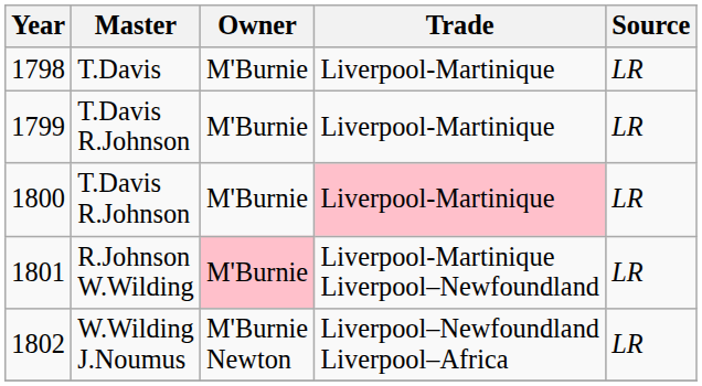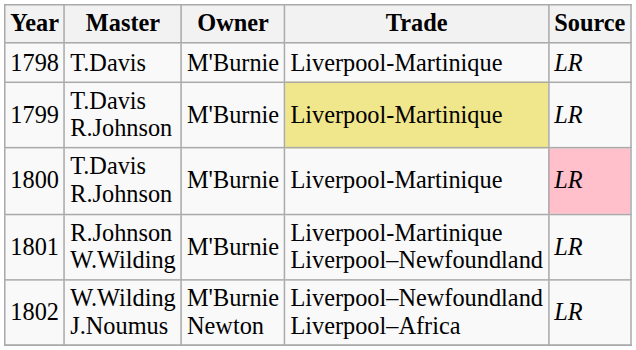 <table class=" wikitable">
 <tr>
 <th>Year</th>
 <th>Master</th>
 <th>Owner</th>
 <th>Trade</th>
 <th>Source</th>
 </tr>
 <tr>
 <td>1798</td>
 <td>T.Davis</td>
 <td>M'Burnie</td>
 <td>Liverpool-Martinique</td>
 <td><em>LR</em></td>
 </tr>
 <tr>
 <td>1799</td>
 <td>T.Davis<br>R.Johnson</td>
 <td>M'Burnie</td>
-<td>Liverpool-Martinique</td>
+<td style="background: khaki;">Liverpool-Martinique</td>
 <td><em>LR</em></td>
 </tr>
 <tr>
 <td>1800</td>
 <td>T.Davis<br>R.Johnson</td>
 <td>M'Burnie</td>
-<td style="background: pink;">Liverpool-Martinique</td>
-<td><em>LR</em></td>
+<td>Liverpool-Martinique</td>
+<td style="background: pink;"><em>LR</em></td>
 </tr>
 <tr>
 <td>1801</td>
 <td>R.Johnson<br>W.Wilding</td>
-<td style="background: pink;">M'Burnie</td>
+<td>M'Burnie</td>
 <td>Liverpool-Martinique<br>Liverpool–Newfoundland</td>
 <td><em>LR</em></td>
 </tr>
 <tr>
 <td>1802</td>
 <td>W.Wilding<br>J.Noumus</td>
 <td>M'Burnie<br>Newton</td>
 <td>Liverpool–Newfoundland<br>Liverpool–Africa</td>
 <td><em>LR</em></td>
 </tr>
 <tr>
 </tr>
 </table>
